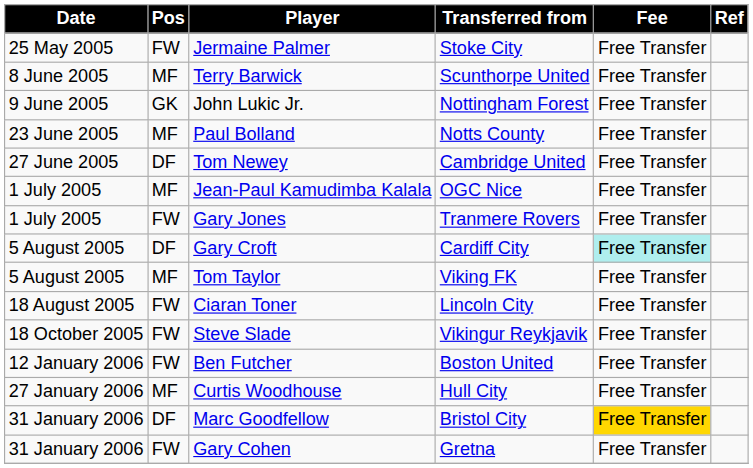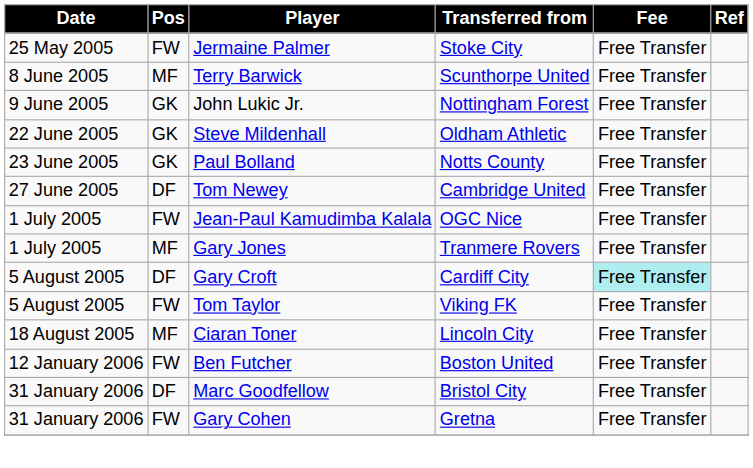 <table class="wikitable plainrowheaders sortable">
 <tr>
 <th style="background:#000000; color:#FFFFFF; ">Date</th>
 <th style="background:#000000; color:#FFFFff; ">Pos</th>
 <th style="background:#000000; color:#FFFFff; ">Player</th>
 <th style="background:#000000; color:#FFFFff; ">Transferred from</th>
 <th style="background:#000000; color:#FFFFff; ">Fee</th>
 <th style="background:#000000; color:#FFFFff; ">Ref</th>
 </tr>
 <tr>
 <td>25 May 2005</td>
 <td>FW</td>
 <td> <a href='#'>Jermaine Palmer</a></td>
 <td> <a href='#'>Stoke City</a></td>
 <td>Free Transfer</td>
 <td></td>
 </tr>
 <tr>
 <td>8 June 2005</td>
 <td>MF</td>
 <td> <a href='#'>Terry Barwick</a></td>
 <td> <a href='#'>Scunthorpe United</a></td>
 <td>Free Transfer</td>
 <td></td>
 </tr>
 <tr>
 <td>9 June 2005</td>
 <td>GK</td>
 <td> John Lukic Jr.</td>
 <td> <a href='#'>Nottingham Forest</a></td>
 <td>Free Transfer</td>
 <td></td>
 </tr>
 <tr>
+<td>22 June 2005</td>
+<td>GK</td>
+<td> <a href='#'>Steve Mildenhall</a></td>
+<td> <a href='#'>Oldham Athletic</a></td>
+<td>Free Transfer</td>
+<td></td>
+</tr>
+<tr>
 <td>23 June 2005</td>
-<td>MF</td>
+<td>GK</td>
 <td> <a href='#'>Paul Bolland</a></td>
 <td> <a href='#'>Notts County</a></td>
 <td>Free Transfer</td>
 <td></td>
 </tr>
 <tr>
 <td>27 June 2005</td>
 <td>DF</td>
 <td> <a href='#'>Tom Newey</a></td>
 <td> <a href='#'>Cambridge United</a></td>
 <td>Free Transfer</td>
 <td></td>
 </tr>
 <tr>
 <td>1 July 2005</td>
-<td>MF</td>
+<td>FW</td>
 <td> <a href='#'>Jean-Paul Kamudimba Kalala</a></td>
 <td> <a href='#'>OGC Nice</a></td>
 <td>Free Transfer</td>
 <td></td>
 </tr>
 <tr>
 <td>1 July 2005</td>
-<td>FW</td>
+<td>MF</td>
 <td> <a href='#'>Gary Jones</a></td>
 <td> <a href='#'>Tranmere Rovers</a></td>
 <td>Free Transfer</td>
 <td></td>
 </tr>
 <tr>
 <td>5 August 2005</td>
 <td>DF</td>
 <td> <a href='#'>Gary Croft</a></td>
 <td> <a href='#'>Cardiff City</a></td>
 <td style="background: paleturquoise;">Free Transfer</td>
 <td></td>
 </tr>
 <tr>
 <td>5 August 2005</td>
-<td>MF</td>
+<td>FW</td>
 <td> <a href='#'>Tom Taylor</a></td>
 <td> <a href='#'>Viking FK</a></td>
 <td>Free Transfer</td>
 <td></td>
 </tr>
 <tr>
 <td>18 August 2005</td>
-<td>FW</td>
+<td>MF</td>
 <td> <a href='#'>Ciaran Toner</a></td>
 <td> <a href='#'>Lincoln City</a></td>
-<td>Free Transfer</td>
-<td></td>
-</tr>
-<tr>
-<td>18 October 2005</td>
-<td>FW</td>
-<td> <a href='#'>Steve Slade</a></td>
-<td> <a href='#'>Vikingur Reykjavik</a></td>
 <td>Free Transfer</td>
 <td></td>
 </tr>
 <tr>
 <td>12 January 2006</td>
 <td>FW</td>
 <td> <a href='#'>Ben Futcher</a></td>
 <td> <a href='#'>Boston United</a></td>
 <td>Free Transfer</td>
 <td></td>
 </tr>
 <tr>
-<td>27 January 2006</td>
-<td>MF</td>
-<td> <a href='#'>Curtis Woodhouse</a></td>
-<td> <a href='#'>Hull City</a></td>
-<td>Free Transfer</td>
-<td></td>
-</tr>
-<tr>
 <td>31 January 2006</td>
 <td>DF</td>
 <td> <a href='#'>Marc Goodfellow</a></td>
 <td> <a href='#'>Bristol City</a></td>
-<td style="background: gold;">Free Transfer</td>
+<td>Free Transfer</td>
 <td></td>
 </tr>
 <tr>
 <td>31 January 2006</td>
 <td>FW</td>
 <td> <a href='#'>Gary Cohen</a></td>
 <td> <a href='#'>Gretna</a></td>
 <td>Free Transfer</td>
 <td></td>
 </tr>
 <tr>
 </tr>
 </table>
